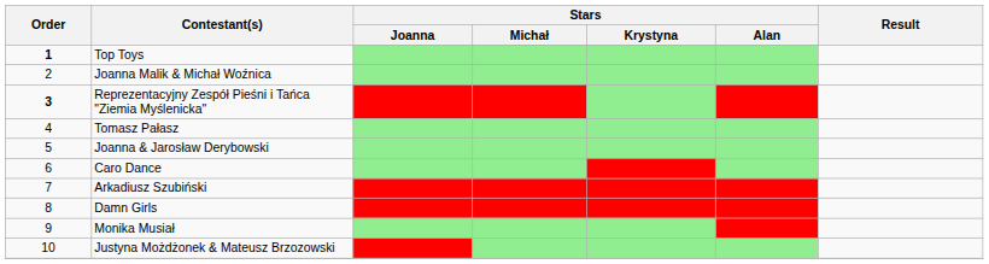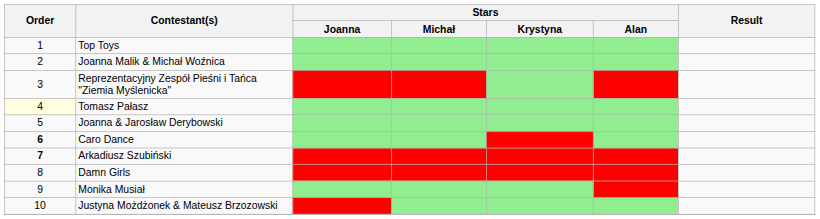 <table class="wikitable">
 <tr>
 <th style="width:2%;" rowspan="2">Order</th>
 <th style="width:7%;" rowspan="2">Contestant(s)</th>
 <th style="width:9%;" colspan="4">Stars</th>
 <th style="width:5%;" rowspan="2">Result</th>
 </tr>
 <tr>
 <th style="width:3%;">Joanna</th>
 <th style="width:3%;">Michał</th>
 <th style="width:3%;">Krystyna</th>
 <th style="width:3%;">Alan</th>
 </tr>
 <tr>
-<td style="text-align:center"><strong>1</strong></td>
+<td style="text-align:center">1</td>
 <td>Top Toys</td>
 <td bgcolor="lightgreen"></td>
 <td bgcolor="lightgreen"></td>
 <td bgcolor="lightgreen"></td>
 <td bgcolor="lightgreen"></td>
 <td></td>
 </tr>
 <tr>
 <td style="text-align:center">2</td>
 <td>Joanna Malik & Michał Woźnica</td>
 <td bgcolor="lightgreen"></td>
 <td bgcolor="lightgreen"></td>
 <td bgcolor="lightgreen"></td>
 <td bgcolor="lightgreen"></td>
 <td></td>
 </tr>
 <tr>
-<td style="text-align:center"><strong>3</strong></td>
+<td style="text-align:center">3</td>
 <td>Reprezentacyjny Zespół Pieśni i Tańca "Ziemia Myślenicka"</td>
 <td bgcolor="red"></td>
 <td bgcolor="red"></td>
 <td bgcolor="lightgreen"></td>
 <td bgcolor="red"></td>
 <td></td>
 </tr>
 <tr>
-<td style="text-align:center">4</td>
+<td style="background: lightyellow; text-align:center">4</td>
 <td>Tomasz Pałasz</td>
 <td bgcolor="lightgreen"></td>
 <td bgcolor="lightgreen"></td>
 <td bgcolor="lightgreen"></td>
 <td bgcolor="lightgreen"></td>
 <td></td>
 </tr>
 <tr>
 <td style="text-align:center">5</td>
 <td>Joanna & Jarosław Derybowski</td>
 <td bgcolor="lightgreen"></td>
 <td bgcolor="lightgreen"></td>
 <td bgcolor="lightgreen"></td>
 <td bgcolor="lightgreen"></td>
 <td></td>
 </tr>
 <tr>
-<td style="text-align:center">6</td>
+<td style="text-align:center"><strong>6</strong></td>
 <td>Caro Dance</td>
 <td bgcolor="lightgreen"></td>
 <td bgcolor="lightgreen"></td>
 <td bgcolor="red"></td>
 <td bgcolor="lightgreen"></td>
 <td></td>
 </tr>
 <tr>
-<td style="text-align:center">7</td>
+<td style="text-align:center"><strong>7</strong></td>
 <td>Arkadiusz Szubiński</td>
 <td bgcolor="red"></td>
 <td bgcolor="red"></td>
 <td bgcolor="red"></td>
 <td bgcolor="red"></td>
 <td></td>
 </tr>
 <tr>
 <td style="text-align:center">8</td>
 <td>Damn Girls</td>
 <td bgcolor="red"></td>
 <td bgcolor="red"></td>
 <td bgcolor="red"></td>
 <td bgcolor="red"></td>
 <td></td>
 </tr>
 <tr>
 <td style="text-align:center">9</td>
 <td>Monika Musiał</td>
 <td bgcolor="lightgreen"></td>
 <td bgcolor="lightgreen"></td>
 <td bgcolor="lightgreen"></td>
 <td bgcolor="red"></td>
 <td></td>
 </tr>
 <tr>
 <td style="text-align:center">10</td>
 <td>Justyna Możdżonek & Mateusz Brzozowski</td>
 <td bgcolor="red"></td>
 <td bgcolor="lightgreen"></td>
 <td bgcolor="lightgreen"></td>
 <td bgcolor="lightgreen"></td>
 <td></td>
 </tr>
 <tr>
 </tr>
 </table>
